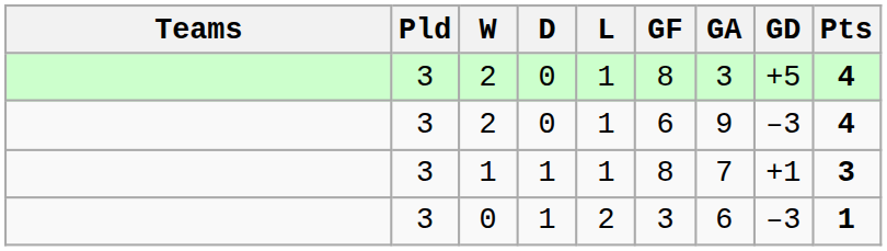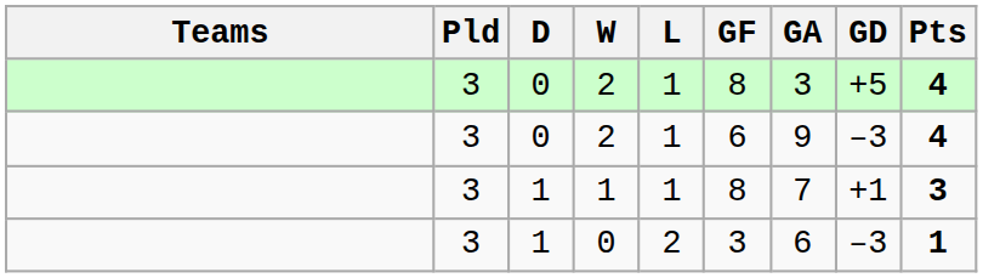 <table class="wikitable" style="text-align: center;">
 <tr>
 <th width=165>Teams</th>
 <th width=20>Pld</th>
+<th width=20>D</th>
 <th width=20>W</th>
-<th width=20>D</th>
 <th width=20>L</th>
 <th width=20>GF</th>
 <th width=20>GA</th>
 <th width=20>GD</th>
 <th width=20>Pts</th>
 </tr>
 <tr align=center style="background:#ccffcc;">
 <td style="text-align:left;"></td>
 <td>3</td>
+<td>0</td>
 <td>2</td>
-<td>0</td>
 <td>1</td>
 <td>8</td>
 <td>3</td>
 <td>+5</td>
 <td><strong>4</strong></td>
 </tr>
 <tr align=center>
 <td style="text-align:left;"></td>
 <td>3</td>
+<td>0</td>
 <td>2</td>
-<td>0</td>
 <td>1</td>
 <td>6</td>
 <td>9</td>
 <td>–3</td>
 <td><strong>4</strong></td>
 </tr>
 <tr align=center>
 <td style="text-align:left;"></td>
 <td>3</td>
 <td>1</td>
 <td>1</td>
 <td>1</td>
 <td>8</td>
 <td>7</td>
 <td>+1</td>
 <td><strong>3</strong></td>
 </tr>
 <tr align=center>
 <td style="text-align:left;"></td>
 <td>3</td>
+<td>1</td>
 <td>0</td>
-<td>1</td>
 <td>2</td>
 <td>3</td>
 <td>6</td>
 <td>–3</td>
 <td><strong>1</strong></td>
 </tr>
 </table>
